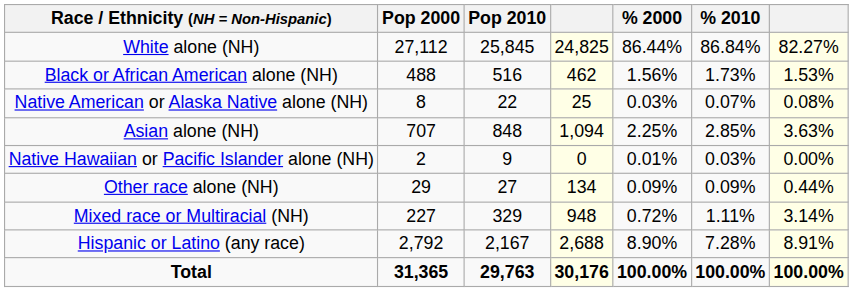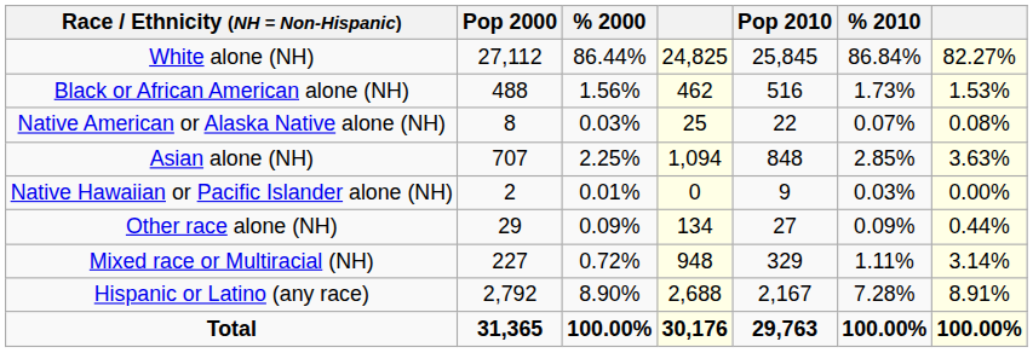 <table class="wikitable" style="text-align:center;">
 <tr>
 <th>Race / Ethnicity <small>(<em>NH = Non-Hispanic</em>)</small></th>
 <th>Pop 2000</th>
+<th>% 2000</th>
+<th></th>
 <th>Pop 2010</th>
-<th></th>
-<th>% 2000</th>
 <th>% 2010</th>
 <th></th>
 </tr>
 <tr>
 <td><a href='#'>White</a> alone (NH)</td>
 <td>27,112</td>
+<td>86.44%</td>
+<td style='background: #ffffe6;'>24,825</td>
 <td>25,845</td>
-<td style='background: #ffffe6;'>24,825</td>
-<td>86.44%</td>
 <td>86.84%</td>
 <td style='background: #ffffe6;'>82.27%</td>
 </tr>
 <tr>
 <td><a href='#'>Black or African American</a> alone (NH)</td>
 <td>488</td>
+<td>1.56%</td>
+<td style='background: #ffffe6;'>462</td>
 <td>516</td>
-<td style='background: #ffffe6;'>462</td>
-<td>1.56%</td>
 <td>1.73%</td>
 <td style='background: #ffffe6;'>1.53%</td>
 </tr>
 <tr>
 <td><a href='#'>Native American</a> or <a href='#'>Alaska Native</a> alone (NH)</td>
 <td>8</td>
+<td>0.03%</td>
+<td style='background: #ffffe6;'>25</td>
 <td>22</td>
-<td style='background: #ffffe6;'>25</td>
-<td>0.03%</td>
 <td>0.07%</td>
 <td style='background: #ffffe6;'>0.08%</td>
 </tr>
 <tr>
 <td><a href='#'>Asian</a> alone (NH)</td>
 <td>707</td>
+<td>2.25%</td>
+<td style='background: #ffffe6;'>1,094</td>
 <td>848</td>
-<td style='background: #ffffe6;'>1,094</td>
-<td>2.25%</td>
 <td>2.85%</td>
 <td style='background: #ffffe6;'>3.63%</td>
 </tr>
 <tr>
 <td><a href='#'>Native Hawaiian</a> or <a href='#'>Pacific Islander</a> alone (NH)</td>
 <td>2</td>
+<td>0.01%</td>
+<td style='background: #ffffe6;'>0</td>
 <td>9</td>
-<td style='background: #ffffe6;'>0</td>
-<td>0.01%</td>
 <td>0.03%</td>
 <td style='background: #ffffe6;'>0.00%</td>
 </tr>
 <tr>
 <td><a href='#'>Other race</a> alone (NH)</td>
 <td>29</td>
+<td>0.09%</td>
+<td style='background: #ffffe6;'>134</td>
 <td>27</td>
-<td style='background: #ffffe6;'>134</td>
-<td>0.09%</td>
 <td>0.09%</td>
 <td style='background: #ffffe6;'>0.44%</td>
 </tr>
 <tr>
 <td><a href='#'>Mixed race or Multiracial</a> (NH)</td>
 <td>227</td>
+<td>0.72%</td>
+<td style='background: #ffffe6;'>948</td>
 <td>329</td>
-<td style='background: #ffffe6;'>948</td>
-<td>0.72%</td>
 <td>1.11%</td>
 <td style='background: #ffffe6;'>3.14%</td>
 </tr>
 <tr>
 <td><a href='#'>Hispanic or Latino</a> (any race)</td>
 <td>2,792</td>
+<td>8.90%</td>
+<td style='background: #ffffe6;'>2,688</td>
 <td>2,167</td>
-<td style='background: #ffffe6;'>2,688</td>
-<td>8.90%</td>
 <td>7.28%</td>
 <td style='background: #ffffe6;'>8.91%</td>
 </tr>
 <tr>
 <td><strong>Total</strong></td>
 <td><strong>31,365</strong></td>
+<td><strong>100.00%</strong></td>
+<td style='background: #ffffe6;'><strong>30,176</strong></td>
 <td><strong>29,763</strong></td>
-<td style='background: #ffffe6;'><strong>30,176</strong></td>
-<td><strong>100.00%</strong></td>
 <td><strong>100.00%</strong></td>
 <td style='background: #ffffe6;'><strong>100.00%</strong></td>
 </tr>
 </table>
